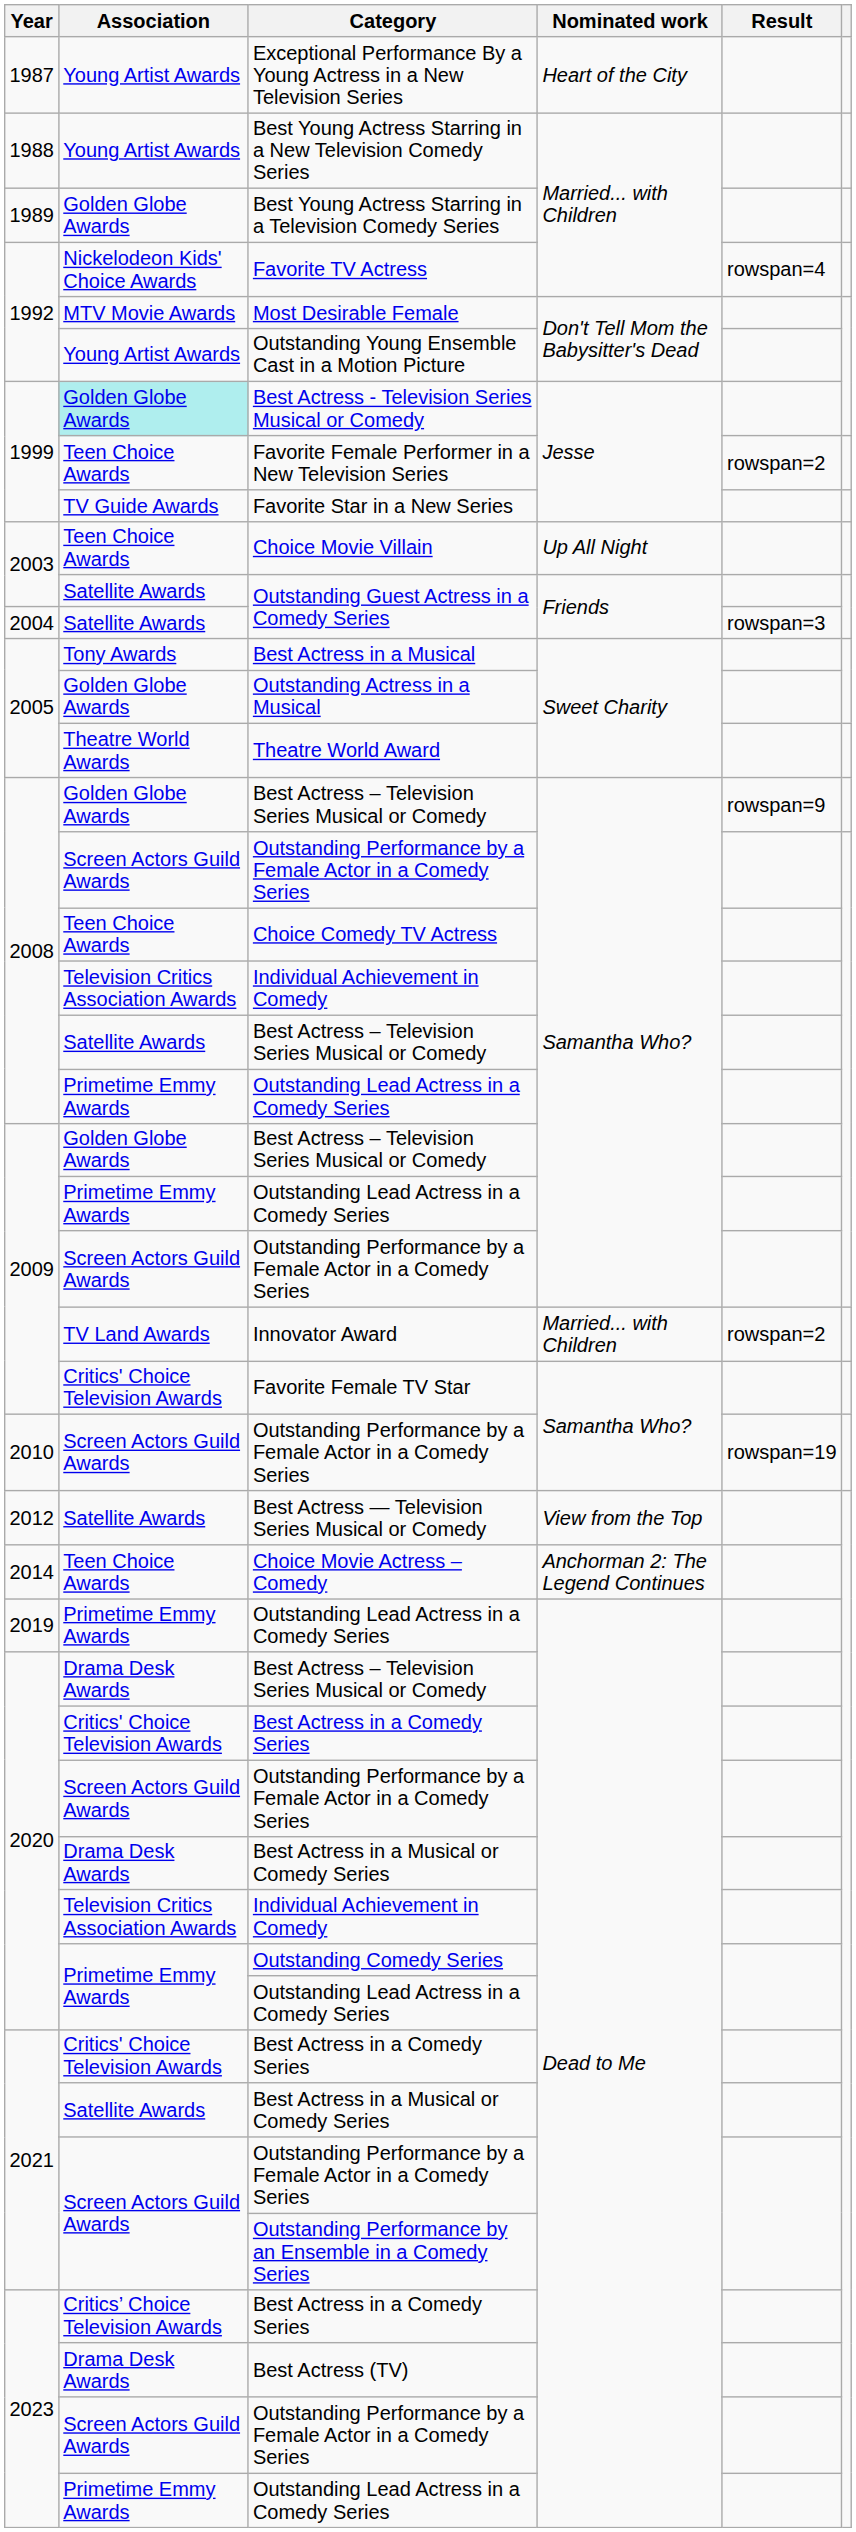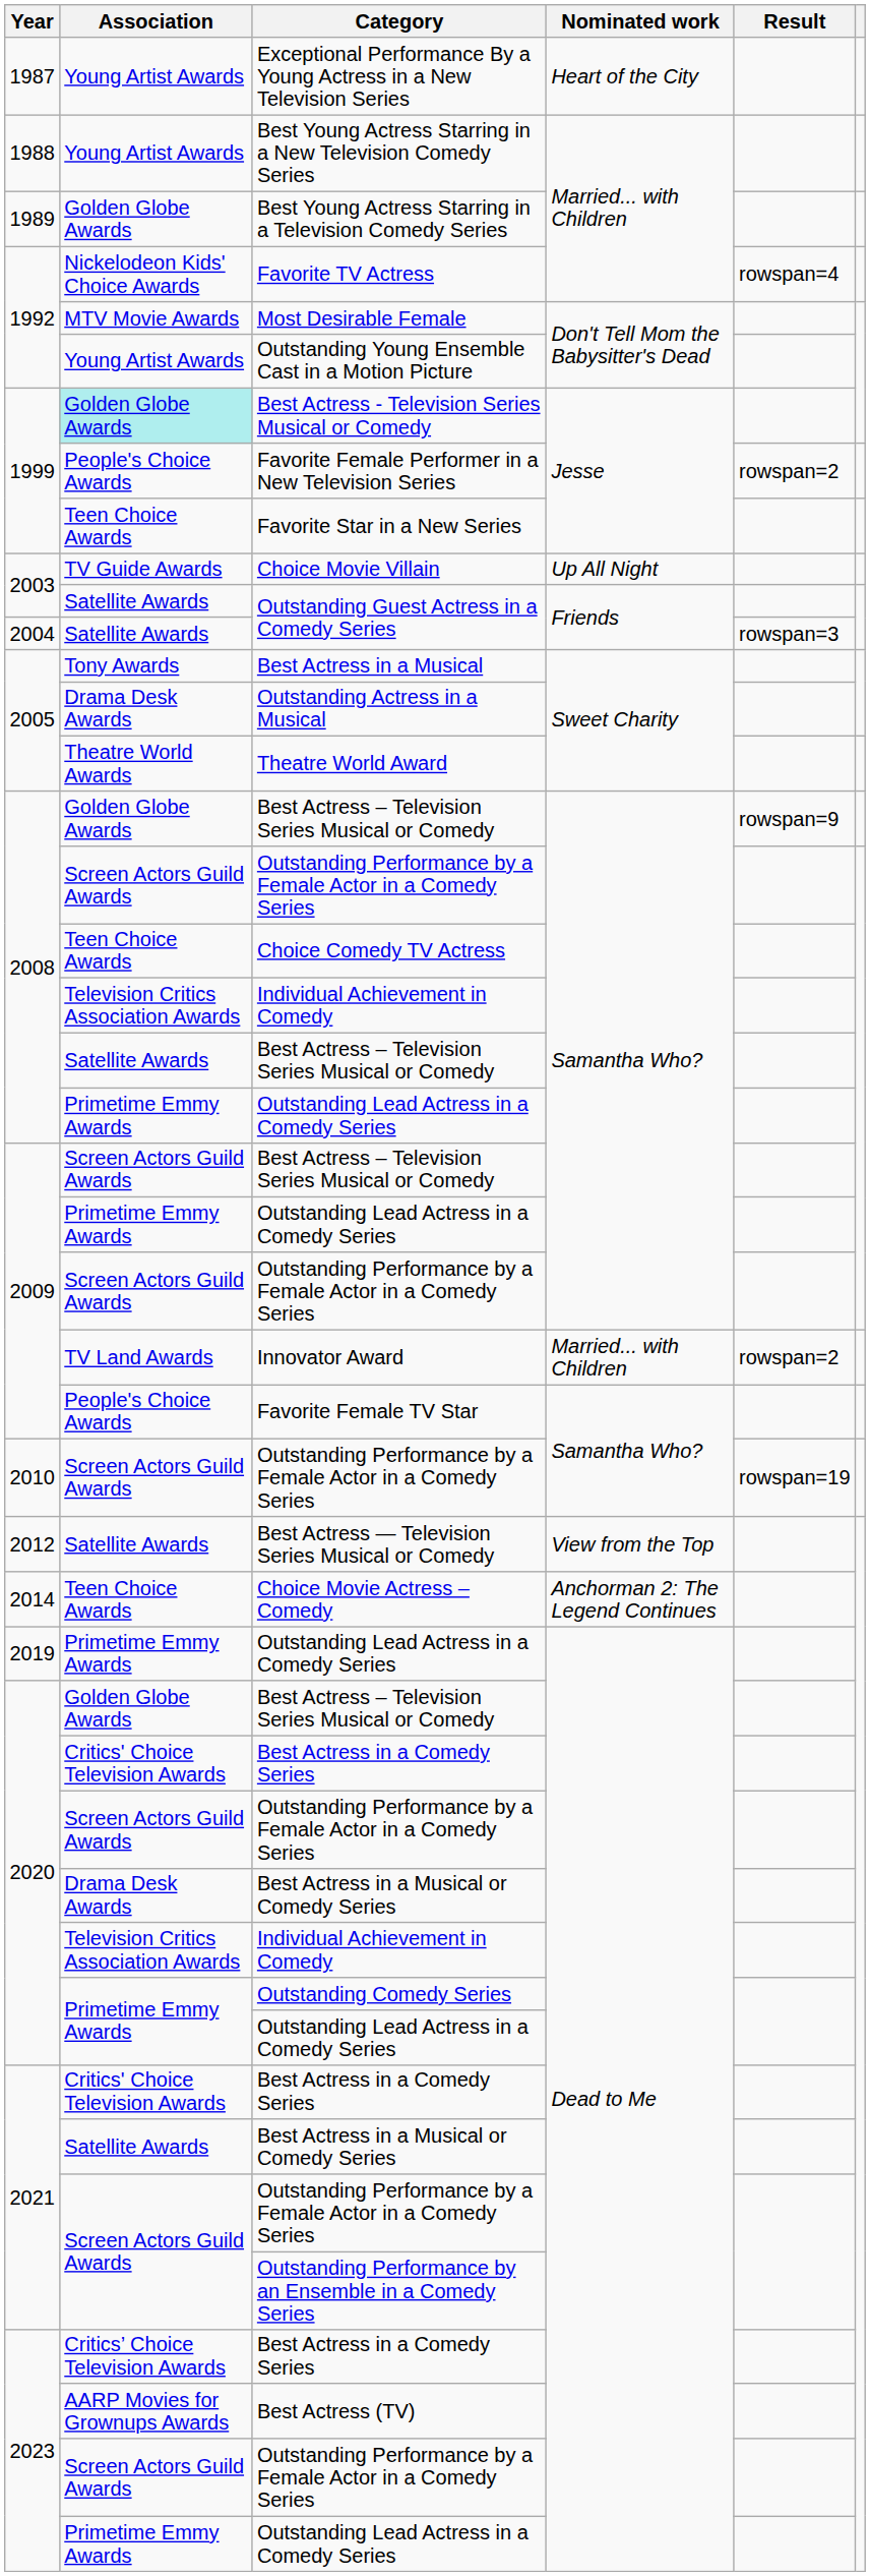 <table class="wikitable sortable" style="text-align:left; font-size:90%;">
 <tr>
 <th>Year</th>
 <th>Association</th>
 <th>Category</th>
 <th>Nominated work</th>
 <th>Result</th>
 <th class="unsortable"></th>
 </tr>
 <tr>
 <td>1987</td>
 <td><a href='#'>Young Artist Awards</a></td>
 <td>Exceptional Performance By a Young Actress in a New Television Series</td>
 <td><em>Heart of the City</em></td>
 <td></td>
 <td style="text-align:center;"></td>
 </tr>
 <tr>
 <td>1988</td>
 <td><a href='#'>Young Artist Awards</a></td>
 <td>Best Young Actress Starring in a New Television Comedy Series</td>
 <td rowspan=3><em>Married... with Children</em></td>
 <td></td>
 <td style="text-align:center;"></td>
 </tr>
 <tr>
 <td>1989</td>
 <td><a href='#'>Golden Globe Awards</a></td>
 <td>Best Young Actress Starring in a Television Comedy Series</td>
 <td></td>
 <td style="text-align:center;"></td>
 </tr>
 <tr>
 <td rowspan=3>1992</td>
 <td><a href='#'>Nickelodeon Kids' Choice Awards</a></td>
 <td><a href='#'>Favorite TV Actress</a></td>
 <td>rowspan=4 </td>
 <td style="text-align:center;"></td>
 </tr>
 <tr>
 <td><a href='#'>MTV Movie Awards</a></td>
 <td><a href='#'>Most Desirable Female</a></td>
 <td rowspan=2><em>Don't Tell Mom the Babysitter's Dead</em></td>
 <td style="text-align:center;"></td>
 </tr>
 <tr>
 <td><a href='#'>Young Artist Awards</a></td>
 <td>Outstanding Young Ensemble Cast in a Motion Picture</td>
 <td style="text-align:center;"></td>
 </tr>
 <tr>
 <td rowspan=3>1999</td>
 <td style="background: paleturquoise;"><a href='#'>Golden Globe Awards</a></td>
 <td><a href='#'>Best Actress - Television Series Musical or Comedy</a></td>
 <td rowspan=3><em>Jesse</em></td>
 <td style="text-align:center;"></td>
 </tr>
 <tr>
-<td><a href='#'>Teen Choice Awards</a></td>
+<td><a href='#'>People's Choice Awards</a></td>
 <td>Favorite Female Performer in a New Television Series</td>
 <td>rowspan=2 </td>
 <td style="text-align:center;"></td>
 </tr>
 <tr>
-<td><a href='#'>TV Guide Awards</a></td>
+<td><a href='#'>Teen Choice Awards</a></td>
 <td>Favorite Star in a New Series</td>
 <td style="text-align:center;"></td>
 </tr>
 <tr>
 <td rowspan=2>2003</td>
-<td><a href='#'>Teen Choice Awards</a></td>
+<td><a href='#'>TV Guide Awards</a></td>
 <td><a href='#'>Choice Movie Villain</a></td>
 <td><em>Up All Night</em></td>
 <td></td>
 <td style="text-align:center;"></td>
 </tr>
 <tr>
 <td><a href='#'>Satellite Awards</a></td>
 <td rowspan=2><a href='#'>Outstanding Guest Actress in a Comedy Series</a></td>
 <td rowspan=2><em>Friends</em></td>
 <td></td>
 <td style="text-align:center;" rowspan="2"></td>
 </tr>
 <tr>
 <td>2004</td>
 <td><a href='#'>Satellite Awards</a></td>
 <td>rowspan=3 </td>
 </tr>
 <tr>
 <td rowspan=3>2005</td>
 <td><a href='#'>Tony Awards</a></td>
 <td><a href='#'>Best Actress in a Musical</a></td>
 <td rowspan=3><em>Sweet Charity</em></td>
 <td style="text-align:center;"></td>
 </tr>
 <tr>
-<td><a href='#'>Golden Globe Awards</a></td>
+<td><a href='#'>Drama Desk Awards</a></td>
 <td><a href='#'>Outstanding Actress in a Musical</a></td>
 <td style="text-align:center;"></td>
 </tr>
 <tr>
 <td><a href='#'>Theatre World Awards</a></td>
 <td><a href='#'>Theatre World Award</a></td>
 <td></td>
 <td style="text-align:center;"></td>
 </tr>
 <tr>
 <td rowspan=6>2008</td>
 <td><a href='#'>Golden Globe Awards</a></td>
 <td>Best Actress – Television Series Musical or Comedy</td>
 <td rowspan=9><em>Samantha Who?</em></td>
 <td>rowspan=9 </td>
 <td style="text-align:center;"></td>
 </tr>
 <tr>
 <td><a href='#'>Screen Actors Guild Awards</a></td>
 <td><a href='#'>Outstanding Performance by a Female Actor in a Comedy Series</a></td>
 <td style="text-align:center;"></td>
 </tr>
 <tr>
 <td><a href='#'>Teen Choice Awards</a></td>
 <td><a href='#'>Choice Comedy TV Actress</a></td>
 <td style="text-align:center;"></td>
 </tr>
 <tr>
 <td><a href='#'>Television Critics Association Awards</a></td>
 <td><a href='#'>Individual Achievement in Comedy</a></td>
 <td style="text-align:center;"></td>
 </tr>
 <tr>
 <td><a href='#'>Satellite Awards</a></td>
 <td>Best Actress – Television Series Musical or Comedy</td>
 <td style="text-align:center;"></td>
 </tr>
 <tr>
 <td><a href='#'>Primetime Emmy Awards</a></td>
 <td><a href='#'>Outstanding Lead Actress in a Comedy Series</a></td>
 <td style="text-align:center;"></td>
 </tr>
 <tr>
 <td rowspan=5>2009</td>
-<td><a href='#'>Golden Globe Awards</a></td>
+<td><a href='#'>Screen Actors Guild Awards</a></td>
 <td>Best Actress – Television Series Musical or Comedy</td>
 <td style="text-align:center;"></td>
 </tr>
 <tr>
 <td><a href='#'>Primetime Emmy Awards</a></td>
 <td>Outstanding Lead Actress in a Comedy Series</td>
 <td style="text-align:center;"></td>
 </tr>
 <tr>
 <td><a href='#'>Screen Actors Guild Awards</a></td>
 <td>Outstanding Performance by a Female Actor in a Comedy Series</td>
 <td style="text-align:center;"></td>
 </tr>
 <tr>
 <td><a href='#'>TV Land Awards</a></td>
 <td>Innovator Award</td>
 <td><em>Married... with Children</em></td>
 <td>rowspan=2 </td>
 <td style="text-align:center;"></td>
 </tr>
 <tr>
-<td><a href='#'>Critics' Choice Television Awards</a></td>
+<td><a href='#'>People's Choice Awards</a></td>
 <td>Favorite Female TV Star</td>
 <td rowspan=2><em>Samantha Who?</em></td>
 <td style="text-align:center;"></td>
 </tr>
 <tr>
 <td>2010</td>
 <td><a href='#'>Screen Actors Guild Awards</a></td>
 <td>Outstanding Performance by a Female Actor in a Comedy Series</td>
 <td>rowspan=19 </td>
 <td style="text-align:center;"></td>
 </tr>
 <tr>
 <td>2012</td>
 <td><a href='#'>Satellite Awards</a></td>
 <td>Best Actress — Television Series Musical or Comedy</td>
 <td><em>View from the Top</em></td>
 <td style="text-align:center;"></td>
 </tr>
 <tr>
 <td>2014</td>
 <td><a href='#'>Teen Choice Awards</a></td>
 <td><a href='#'>Choice Movie Actress – Comedy</a></td>
 <td><em>Anchorman 2: The Legend Continues</em></td>
 <td style="text-align:center;"></td>
 </tr>
 <tr>
 <td>2019</td>
 <td><a href='#'>Primetime Emmy Awards</a></td>
 <td>Outstanding Lead Actress in a Comedy Series</td>
 <td rowspan="16"><em>Dead to Me</em></td>
 <td style="text-align:center;"></td>
 </tr>
 <tr>
 <td rowspan=7>2020</td>
-<td><a href='#'>Drama Desk Awards</a></td>
+<td><a href='#'>Golden Globe Awards</a></td>
 <td>Best Actress – Television Series Musical or Comedy</td>
 <td style="text-align:center;"></td>
 </tr>
 <tr>
 <td><a href='#'>Critics' Choice Television Awards</a></td>
 <td><a href='#'>Best Actress in a Comedy Series</a></td>
 <td style="text-align:center;"></td>
 </tr>
 <tr>
 <td><a href='#'>Screen Actors Guild Awards</a></td>
 <td>Outstanding Performance by a Female Actor in a Comedy Series</td>
 <td style="text-align:center;"></td>
 </tr>
 <tr>
 <td><a href='#'>Drama Desk Awards</a></td>
 <td>Best Actress in a Musical or Comedy Series</td>
 <td style="text-align:center;"></td>
 </tr>
 <tr>
 <td><a href='#'>Television Critics Association Awards</a></td>
 <td><a href='#'>Individual Achievement in Comedy</a></td>
 <td style="text-align:center;"></td>
 </tr>
 <tr>
 <td rowspan=2><a href='#'>Primetime Emmy Awards</a></td>
 <td><a href='#'>Outstanding Comedy Series</a></td>
 <td style="text-align:center;" rowspan=2></td>
 </tr>
 <tr>
 <td>Outstanding Lead Actress in a Comedy Series</td>
 </tr>
 <tr>
 <td rowspan=4>2021</td>
 <td><a href='#'>Critics' Choice Television Awards</a></td>
 <td>Best Actress in a Comedy Series</td>
 <td style="text-align:center;"></td>
 </tr>
 <tr>
 <td><a href='#'>Satellite Awards</a></td>
 <td>Best Actress in a Musical or Comedy Series</td>
 <td style="text-align:center;"></td>
 </tr>
 <tr>
 <td rowspan=2><a href='#'>Screen Actors Guild Awards</a></td>
 <td>Outstanding Performance by a Female Actor in a Comedy Series</td>
 <td rowspan=2 style="text-align:center;"></td>
 </tr>
 <tr>
 <td><a href='#'>Outstanding Performance by an Ensemble in a Comedy Series</a></td>
 </tr>
 <tr>
 <td rowspan=4>2023</td>
 <td><a href='#'>Critics’ Choice Television Awards</a></td>
 <td>Best Actress in a Comedy Series</td>
 <td style="text-align:center;"></td>
 </tr>
 <tr>
-<td><a href='#'>Drama Desk Awards</a></td>
+<td><a href='#'>AARP Movies for Grownups Awards</a></td>
 <td>Best Actress (TV)</td>
 <td style="text-align:center;"></td>
 </tr>
 <tr>
 <td><a href='#'>Screen Actors Guild Awards</a></td>
 <td>Outstanding Performance by a Female Actor in a Comedy Series</td>
 <td style="text-align:center;"></td>
 </tr>
 <tr>
 <td><a href='#'>Primetime Emmy Awards</a></td>
 <td>Outstanding Lead Actress in a Comedy Series</td>
 <td style="text-align:center;"></td>
 </tr>
 </table>
